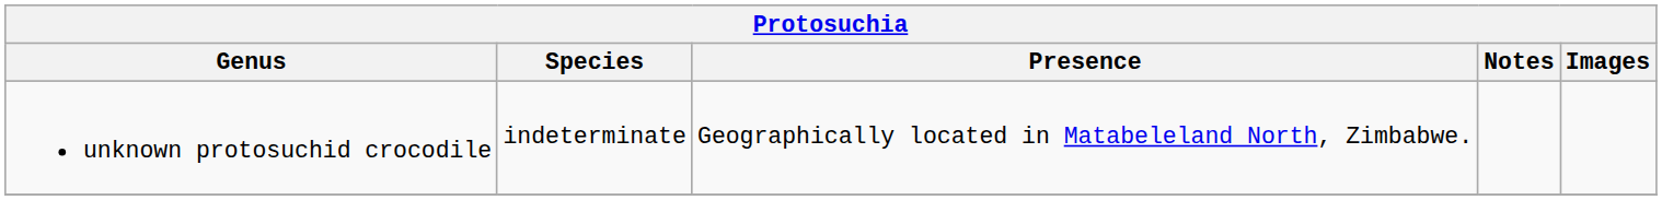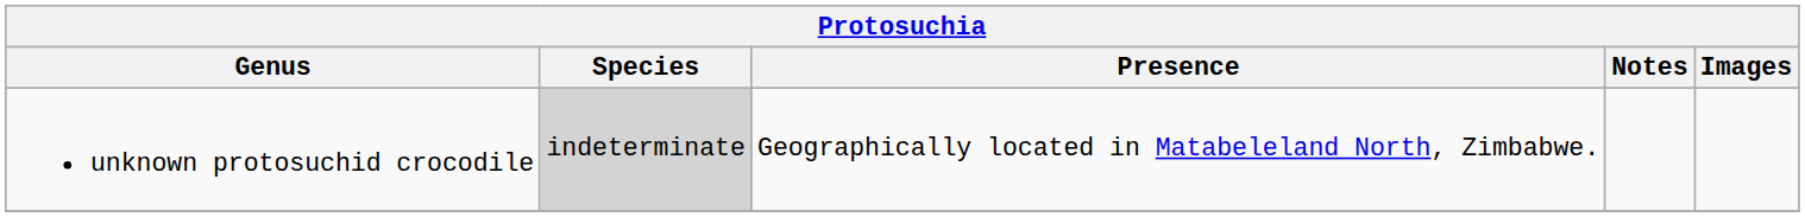 <table class="wikitable" align="center">
 <tr>
 <th colspan="5" align="center"><strong><a href='#'>Protosuchia</a></strong></th>
 </tr>
 <tr>
 <th>Genus</th>
 <th>Species</th>
 <th>Presence</th>
 <th>Notes</th>
 <th>Images</th>
 </tr>
 <tr>
 <td><br><ul><li>unknown protosuchid crocodile</li></ul></td>
-<td>indeterminate</td>
+<td style="background: lightgrey;">indeterminate</td>
 <td>Geographically located in <a href='#'>Matabeleland North</a>, Zimbabwe.</td>
 <td></td>
 <td></td>
 </tr>
 <tr>
 </tr>
 </table>
